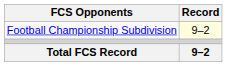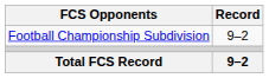 <table class="wikitable">
 <tr>
 <th>FCS Opponents</th>
 <th>Record</th>
 </tr>
 <tr>
 <td><a href='#'>Football Championship Subdivision</a></td>
-<td align=center style="background: lightyellow;">9–2</td>
+<td align=center>9–2</td>
 </tr>
 <tr>
 <th colspan="2" style="background:lightgrey;"></th>
 </tr>
 <tr>
 <th>Total FCS Record</th>
 <th>9–2</th>
 </tr>
 </table>
